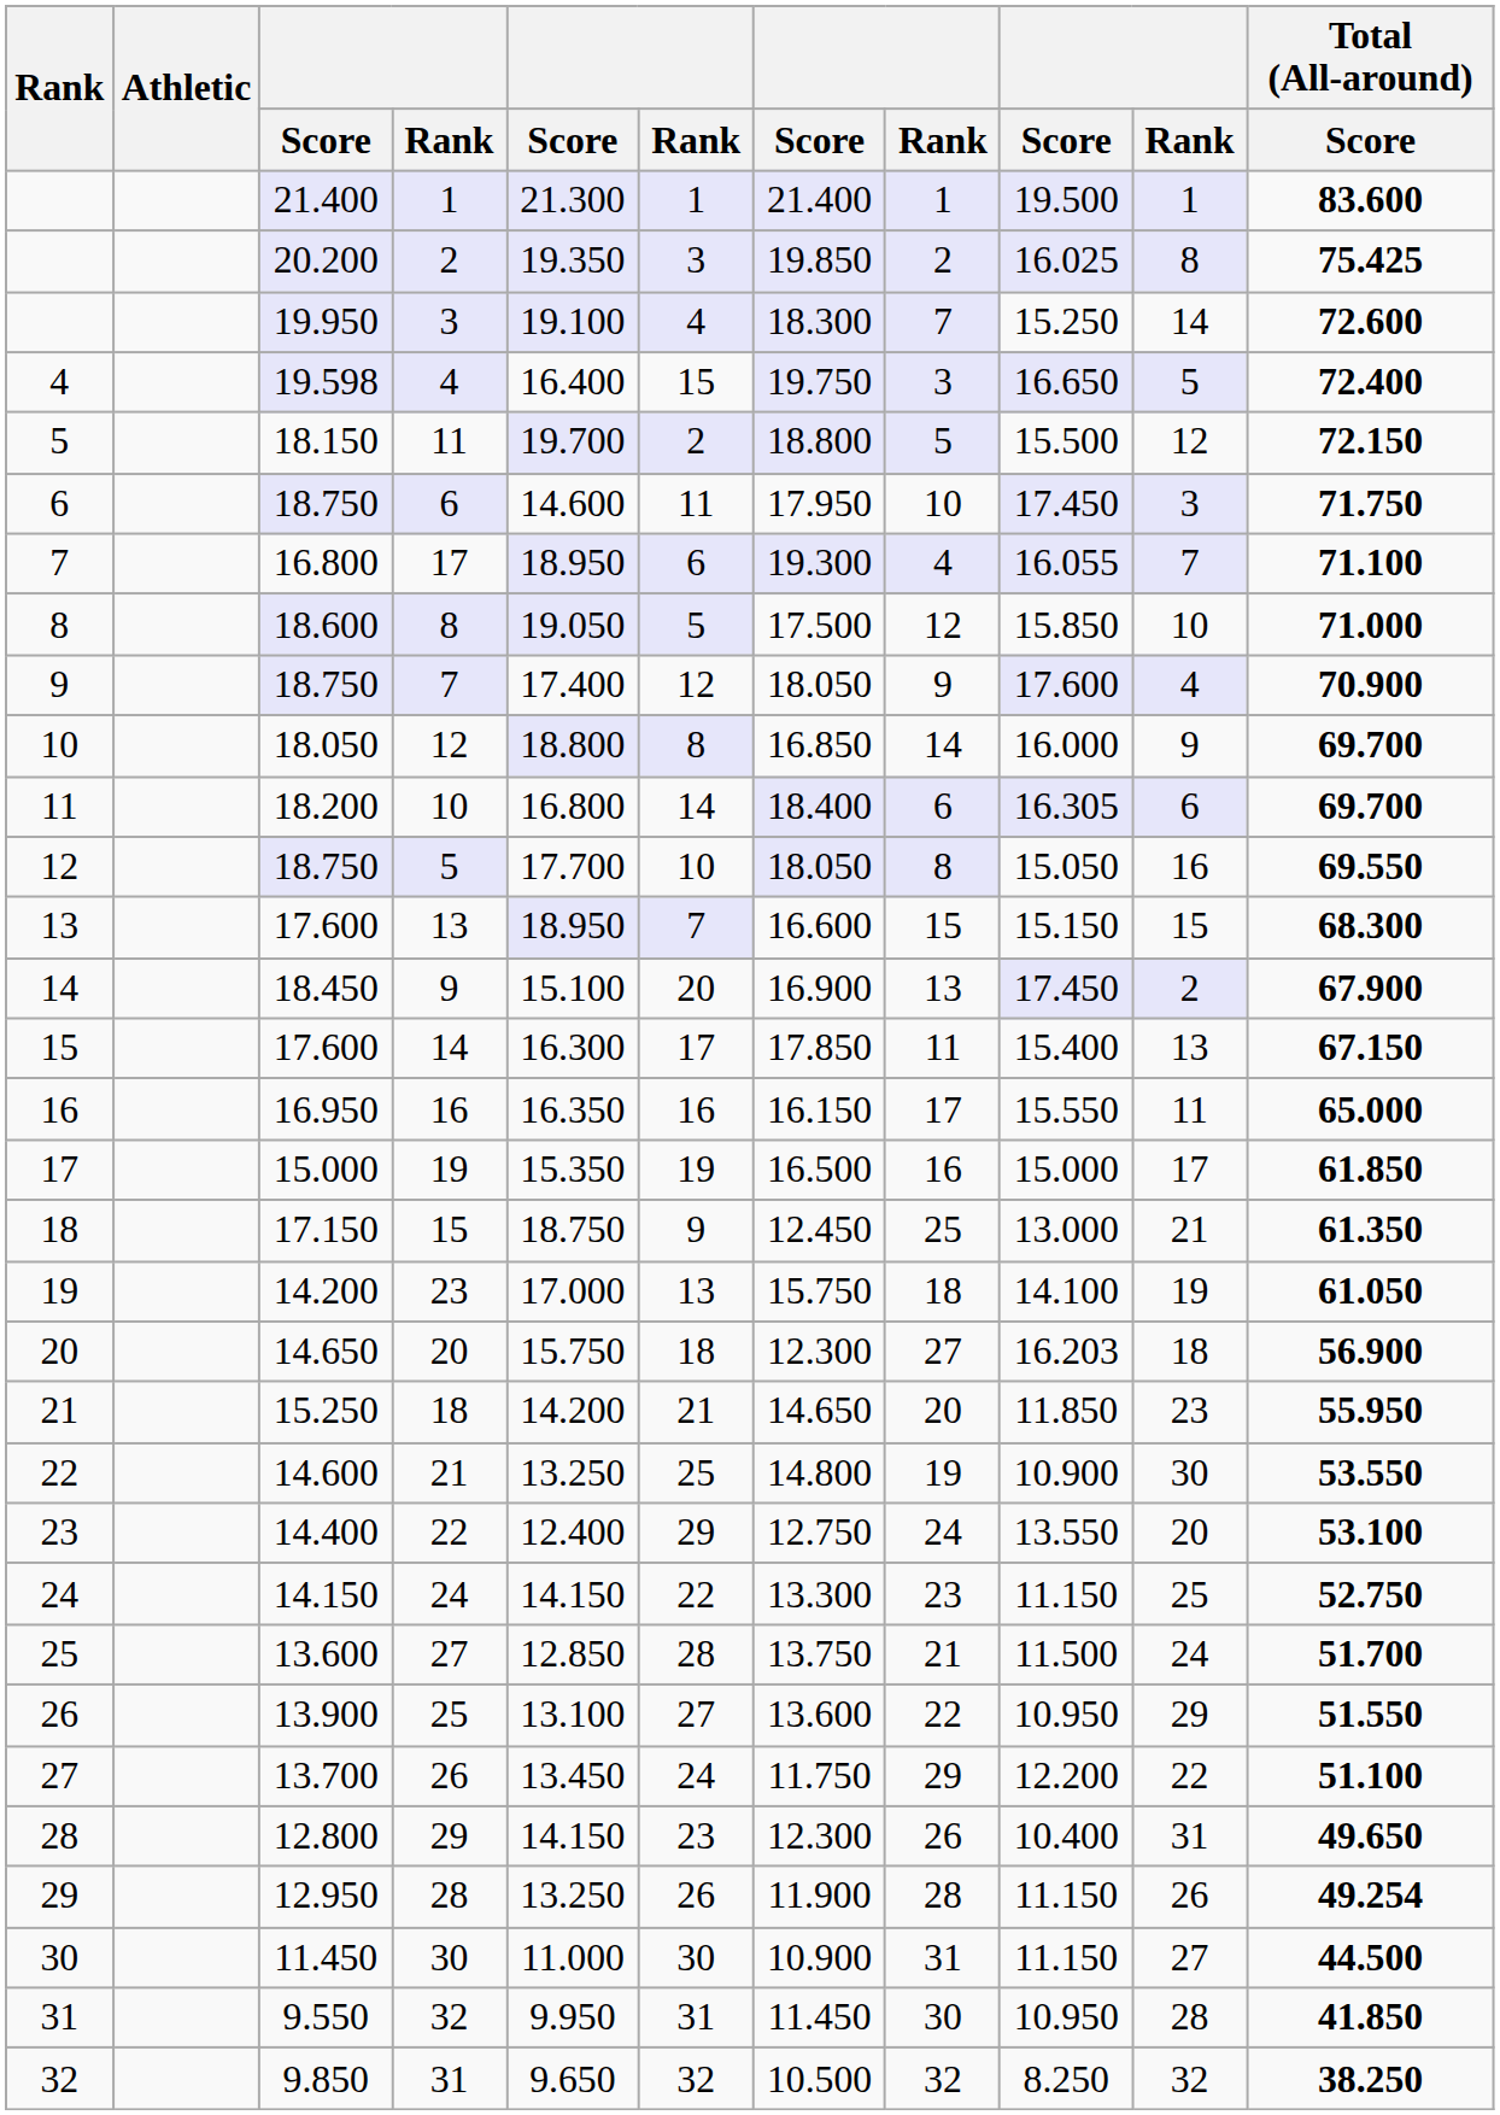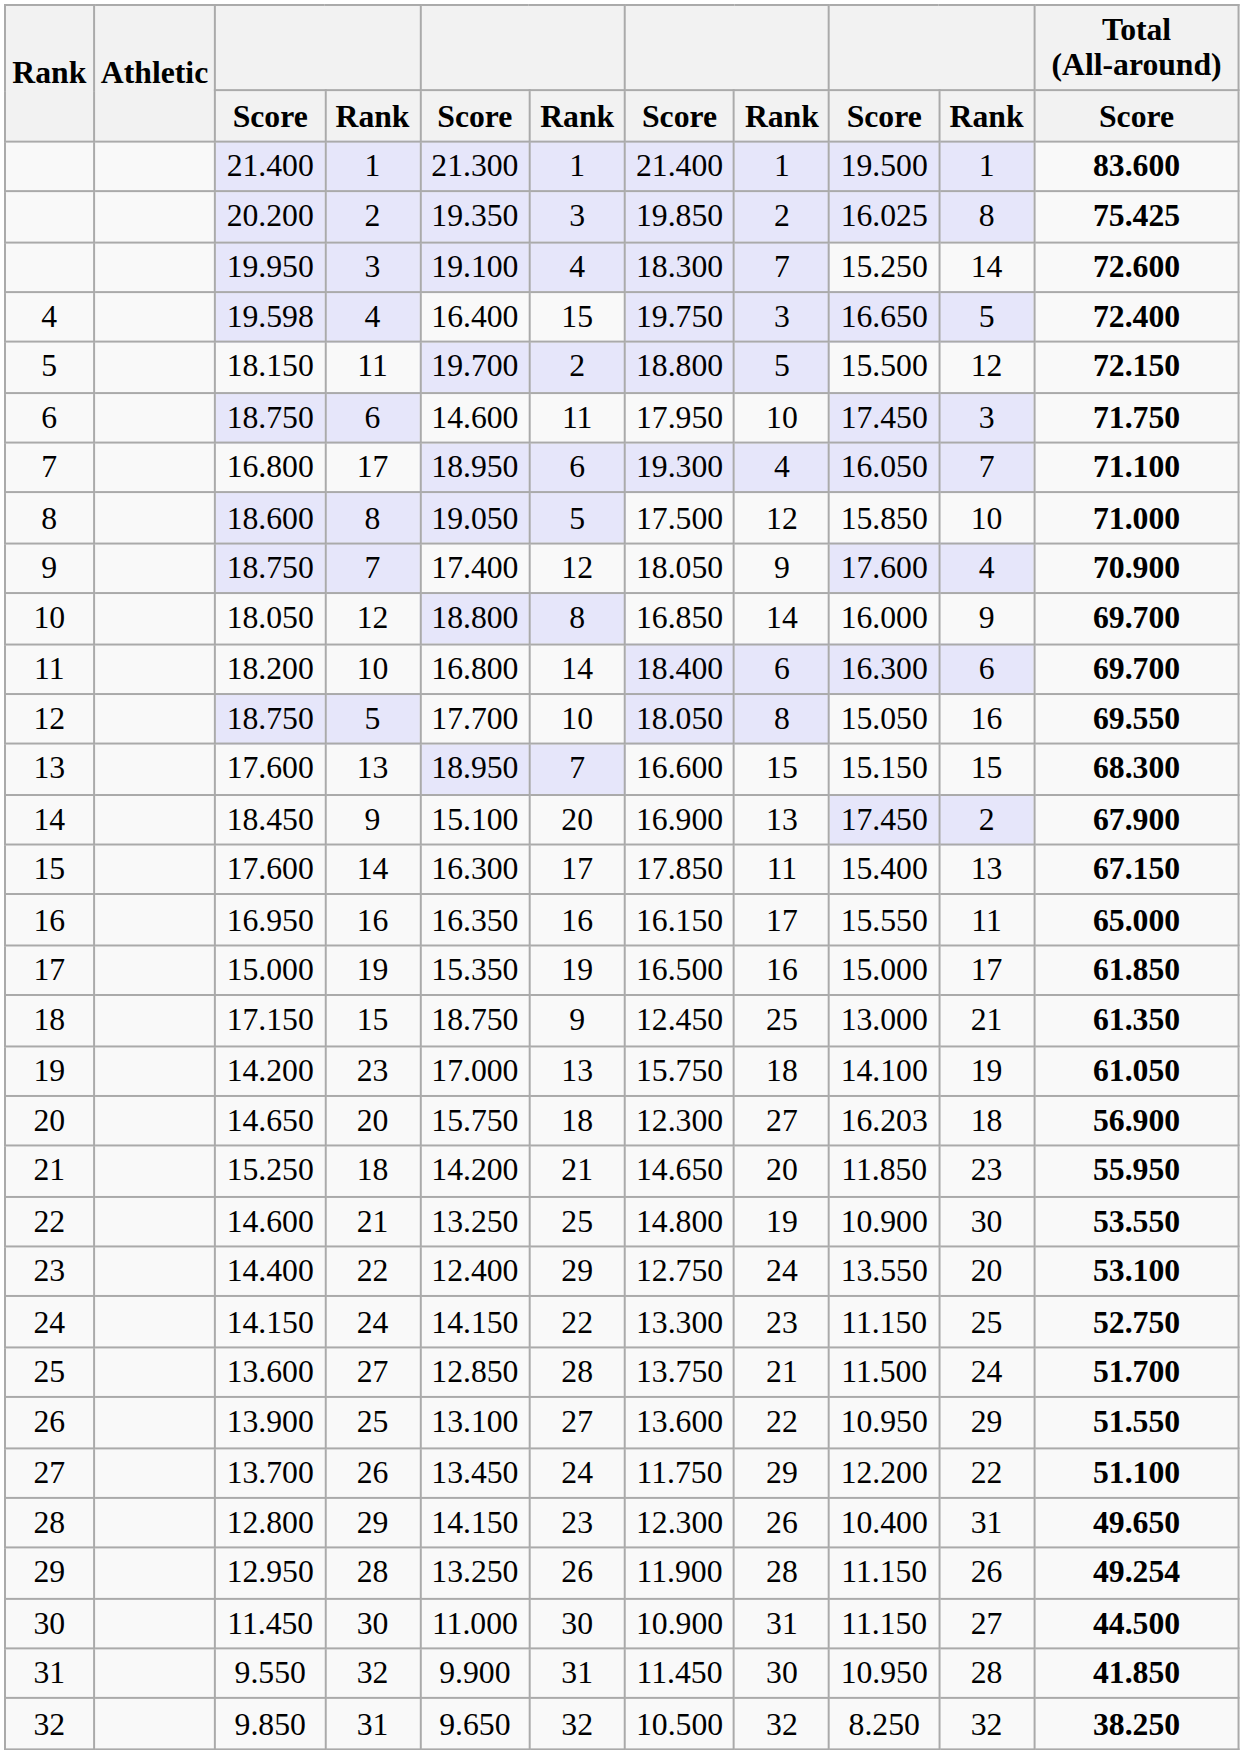 <table class="wikitable" style="text-align:center">
 <tr>
 <th rowspan="2">Rank</th>
 <th rowspan="2">Athletic</th>
 <th style="width:6em" colspan=2></th>
 <th style="width:6em" colspan=2></th>
 <th style="width:6em" colspan=2></th>
 <th style="width:6em" colspan=2></th>
 <th style="width:6em" colspan=2>Total<br>(All-around)</th>
 </tr>
 <tr>
 <th>Score</th>
 <th>Rank</th>
 <th>Score</th>
 <th>Rank</th>
 <th>Score</th>
 <th>Rank</th>
 <th>Score</th>
 <th>Rank</th>
 <th>Score</th>
 </tr>
 <tr>
 <td></td>
 <td align="left"></td>
 <td bgcolor="lavender">21.400</td>
 <td bgcolor="lavender">1</td>
 <td bgcolor="lavender">21.300</td>
 <td bgcolor="lavender">1</td>
 <td bgcolor="lavender">21.400</td>
 <td bgcolor="lavender">1</td>
 <td bgcolor="lavender">19.500</td>
 <td bgcolor="lavender">1</td>
 <td><strong>83.600</strong></td>
 </tr>
 <tr>
 <td></td>
 <td align="left"></td>
 <td bgcolor="lavender">20.200</td>
 <td bgcolor="lavender">2</td>
 <td bgcolor="lavender">19.350</td>
 <td bgcolor="lavender">3</td>
 <td bgcolor="lavender">19.850</td>
 <td bgcolor="lavender">2</td>
 <td bgcolor="lavender">16.025</td>
 <td bgcolor="lavender">8</td>
 <td><strong>75.425</strong></td>
 </tr>
 <tr>
 <td></td>
 <td align="left"></td>
 <td bgcolor="lavender">19.950</td>
 <td bgcolor="lavender">3</td>
 <td bgcolor="lavender">19.100</td>
 <td bgcolor="lavender">4</td>
 <td bgcolor="lavender">18.300</td>
 <td bgcolor="lavender">7</td>
 <td>15.250</td>
 <td>14</td>
 <td><strong>72.600</strong></td>
 </tr>
 <tr>
 <td>4</td>
 <td align="left"></td>
 <td bgcolor="lavender">19.598</td>
 <td bgcolor="lavender">4</td>
 <td>16.400</td>
 <td>15</td>
 <td bgcolor="lavender">19.750</td>
 <td bgcolor="lavender">3</td>
 <td bgcolor="lavender">16.650</td>
 <td bgcolor="lavender">5</td>
 <td><strong>72.400</strong></td>
 </tr>
 <tr>
 <td>5</td>
 <td align="left"></td>
 <td>18.150</td>
 <td>11</td>
 <td bgcolor="lavender">19.700</td>
 <td bgcolor="lavender">2</td>
 <td bgcolor="lavender">18.800</td>
 <td bgcolor="lavender">5</td>
 <td>15.500</td>
 <td>12</td>
 <td><strong>72.150</strong></td>
 </tr>
 <tr>
 <td>6</td>
 <td align="left"></td>
 <td bgcolor="lavender">18.750</td>
 <td bgcolor="lavender">6</td>
 <td>14.600</td>
 <td>11</td>
 <td>17.950</td>
 <td>10</td>
 <td bgcolor="lavender">17.450</td>
 <td bgcolor="lavender">3</td>
 <td><strong>71.750</strong></td>
 </tr>
 <tr>
 <td>7</td>
 <td align="left"></td>
 <td>16.800</td>
 <td>17</td>
 <td bgcolor="lavender">18.950</td>
 <td bgcolor="lavender">6</td>
 <td bgcolor="lavender">19.300</td>
 <td bgcolor="lavender">4</td>
-<td bgcolor="lavender">16.055</td>
+<td bgcolor="lavender">16.050</td>
 <td bgcolor="lavender">7</td>
 <td><strong>71.100</strong></td>
 </tr>
 <tr>
 <td>8</td>
 <td align="left"></td>
 <td bgcolor="lavender">18.600</td>
 <td bgcolor="lavender">8</td>
 <td bgcolor="lavender">19.050</td>
 <td bgcolor="lavender">5</td>
 <td>17.500</td>
 <td>12</td>
 <td>15.850</td>
 <td>10</td>
 <td><strong>71.000</strong></td>
 </tr>
 <tr>
 <td>9</td>
 <td align="left"></td>
 <td bgcolor="lavender">18.750</td>
 <td bgcolor="lavender">7</td>
 <td>17.400</td>
 <td>12</td>
 <td>18.050</td>
 <td>9</td>
 <td bgcolor="lavender">17.600</td>
 <td bgcolor="lavender">4</td>
 <td><strong>70.900</strong></td>
 </tr>
 <tr>
 <td>10</td>
 <td align="left"></td>
 <td>18.050</td>
 <td>12</td>
 <td bgcolor="lavender">18.800</td>
 <td bgcolor="lavender">8</td>
 <td>16.850</td>
 <td>14</td>
 <td>16.000</td>
 <td>9</td>
 <td><strong>69.700</strong></td>
 </tr>
 <tr>
 <td>11</td>
 <td align="left"></td>
 <td>18.200</td>
 <td>10</td>
 <td>16.800</td>
 <td>14</td>
 <td bgcolor="lavender">18.400</td>
 <td bgcolor="lavender">6</td>
-<td bgcolor="lavender">16.305</td>
+<td bgcolor="lavender">16.300</td>
 <td bgcolor="lavender">6</td>
 <td><strong>69.700</strong></td>
 </tr>
 <tr>
 <td>12</td>
 <td align="left"></td>
 <td bgcolor="lavender">18.750</td>
 <td bgcolor="lavender">5</td>
 <td>17.700</td>
 <td>10</td>
 <td bgcolor="lavender">18.050</td>
 <td bgcolor="lavender">8</td>
 <td>15.050</td>
 <td>16</td>
 <td><strong>69.550</strong></td>
 </tr>
 <tr>
 <td>13</td>
 <td align="left"></td>
 <td>17.600</td>
 <td>13</td>
 <td bgcolor="lavender">18.950</td>
 <td bgcolor="lavender">7</td>
 <td>16.600</td>
 <td>15</td>
 <td>15.150</td>
 <td>15</td>
 <td><strong>68.300</strong></td>
 </tr>
 <tr>
 <td>14</td>
 <td align="left"></td>
 <td>18.450</td>
 <td>9</td>
 <td>15.100</td>
 <td>20</td>
 <td>16.900</td>
 <td>13</td>
 <td bgcolor="lavender">17.450</td>
 <td bgcolor="lavender">2</td>
 <td><strong>67.900</strong></td>
 </tr>
 <tr>
 <td>15</td>
 <td align="left"></td>
 <td>17.600</td>
 <td>14</td>
 <td>16.300</td>
 <td>17</td>
 <td>17.850</td>
 <td>11</td>
 <td>15.400</td>
 <td>13</td>
 <td><strong>67.150</strong></td>
 </tr>
 <tr>
 <td>16</td>
 <td align="left"></td>
 <td>16.950</td>
 <td>16</td>
 <td>16.350</td>
 <td>16</td>
 <td>16.150</td>
 <td>17</td>
 <td>15.550</td>
 <td>11</td>
 <td><strong>65.000</strong></td>
 </tr>
 <tr>
 <td>17</td>
 <td align="left"></td>
 <td>15.000</td>
 <td>19</td>
 <td>15.350</td>
 <td>19</td>
 <td>16.500</td>
 <td>16</td>
 <td>15.000</td>
 <td>17</td>
 <td><strong>61.850</strong></td>
 </tr>
 <tr>
 <td>18</td>
 <td align="left"></td>
 <td>17.150</td>
 <td>15</td>
 <td>18.750</td>
 <td>9</td>
 <td>12.450</td>
 <td>25</td>
 <td>13.000</td>
 <td>21</td>
 <td><strong>61.350</strong></td>
 </tr>
 <tr>
 <td>19</td>
 <td align="left"></td>
 <td>14.200</td>
 <td>23</td>
 <td>17.000</td>
 <td>13</td>
 <td>15.750</td>
 <td>18</td>
 <td>14.100</td>
 <td>19</td>
 <td><strong>61.050</strong></td>
 </tr>
 <tr>
 <td>20</td>
 <td align="left"></td>
 <td>14.650</td>
 <td>20</td>
 <td>15.750</td>
 <td>18</td>
 <td>12.300</td>
 <td>27</td>
 <td>16.203</td>
 <td>18</td>
 <td><strong>56.900</strong></td>
 </tr>
 <tr>
 <td>21</td>
 <td align="left"></td>
 <td>15.250</td>
 <td>18</td>
 <td>14.200</td>
 <td>21</td>
 <td>14.650</td>
 <td>20</td>
 <td>11.850</td>
 <td>23</td>
 <td><strong>55.950</strong></td>
 </tr>
 <tr>
 <td>22</td>
 <td align="left"></td>
 <td>14.600</td>
 <td>21</td>
 <td>13.250</td>
 <td>25</td>
 <td>14.800</td>
 <td>19</td>
 <td>10.900</td>
 <td>30</td>
 <td><strong>53.550</strong></td>
 </tr>
 <tr>
 <td>23</td>
 <td align="left"></td>
 <td>14.400</td>
 <td>22</td>
 <td>12.400</td>
 <td>29</td>
 <td>12.750</td>
 <td>24</td>
 <td>13.550</td>
 <td>20</td>
 <td><strong>53.100</strong></td>
 </tr>
 <tr>
 <td>24</td>
 <td align="left"></td>
 <td>14.150</td>
 <td>24</td>
 <td>14.150</td>
 <td>22</td>
 <td>13.300</td>
 <td>23</td>
 <td>11.150</td>
 <td>25</td>
 <td><strong>52.750</strong></td>
 </tr>
 <tr>
 <td>25</td>
 <td align="left"></td>
 <td>13.600</td>
 <td>27</td>
 <td>12.850</td>
 <td>28</td>
 <td>13.750</td>
 <td>21</td>
 <td>11.500</td>
 <td>24</td>
 <td><strong>51.700</strong></td>
 </tr>
 <tr>
 <td>26</td>
 <td align="left"></td>
 <td>13.900</td>
 <td>25</td>
 <td>13.100</td>
 <td>27</td>
 <td>13.600</td>
 <td>22</td>
 <td>10.950</td>
 <td>29</td>
 <td><strong>51.550</strong></td>
 </tr>
 <tr>
 <td>27</td>
 <td align="left"></td>
 <td>13.700</td>
 <td>26</td>
 <td>13.450</td>
 <td>24</td>
 <td>11.750</td>
 <td>29</td>
 <td>12.200</td>
 <td>22</td>
 <td><strong>51.100</strong></td>
 </tr>
 <tr>
 <td>28</td>
 <td align="left"></td>
 <td>12.800</td>
 <td>29</td>
 <td>14.150</td>
 <td>23</td>
 <td>12.300</td>
 <td>26</td>
 <td>10.400</td>
 <td>31</td>
 <td><strong>49.650</strong></td>
 </tr>
 <tr>
 <td>29</td>
 <td align="left"></td>
 <td>12.950</td>
 <td>28</td>
 <td>13.250</td>
 <td>26</td>
 <td>11.900</td>
 <td>28</td>
 <td>11.150</td>
 <td>26</td>
 <td><strong>49.254</strong></td>
 </tr>
 <tr>
 <td>30</td>
 <td align="left"></td>
 <td>11.450</td>
 <td>30</td>
 <td>11.000</td>
 <td>30</td>
 <td>10.900</td>
 <td>31</td>
 <td>11.150</td>
 <td>27</td>
 <td><strong>44.500</strong></td>
 </tr>
 <tr>
 <td>31</td>
 <td align="left"></td>
 <td>9.550</td>
 <td>32</td>
-<td>9.950</td>
+<td>9.900</td>
 <td>31</td>
 <td>11.450</td>
 <td>30</td>
 <td>10.950</td>
 <td>28</td>
 <td><strong>41.850</strong></td>
 </tr>
 <tr>
 <td>32</td>
 <td align="left"></td>
 <td>9.850</td>
 <td>31</td>
 <td>9.650</td>
 <td>32</td>
 <td>10.500</td>
 <td>32</td>
 <td>8.250</td>
 <td>32</td>
 <td><strong>38.250</strong></td>
 </tr>
 </table>
